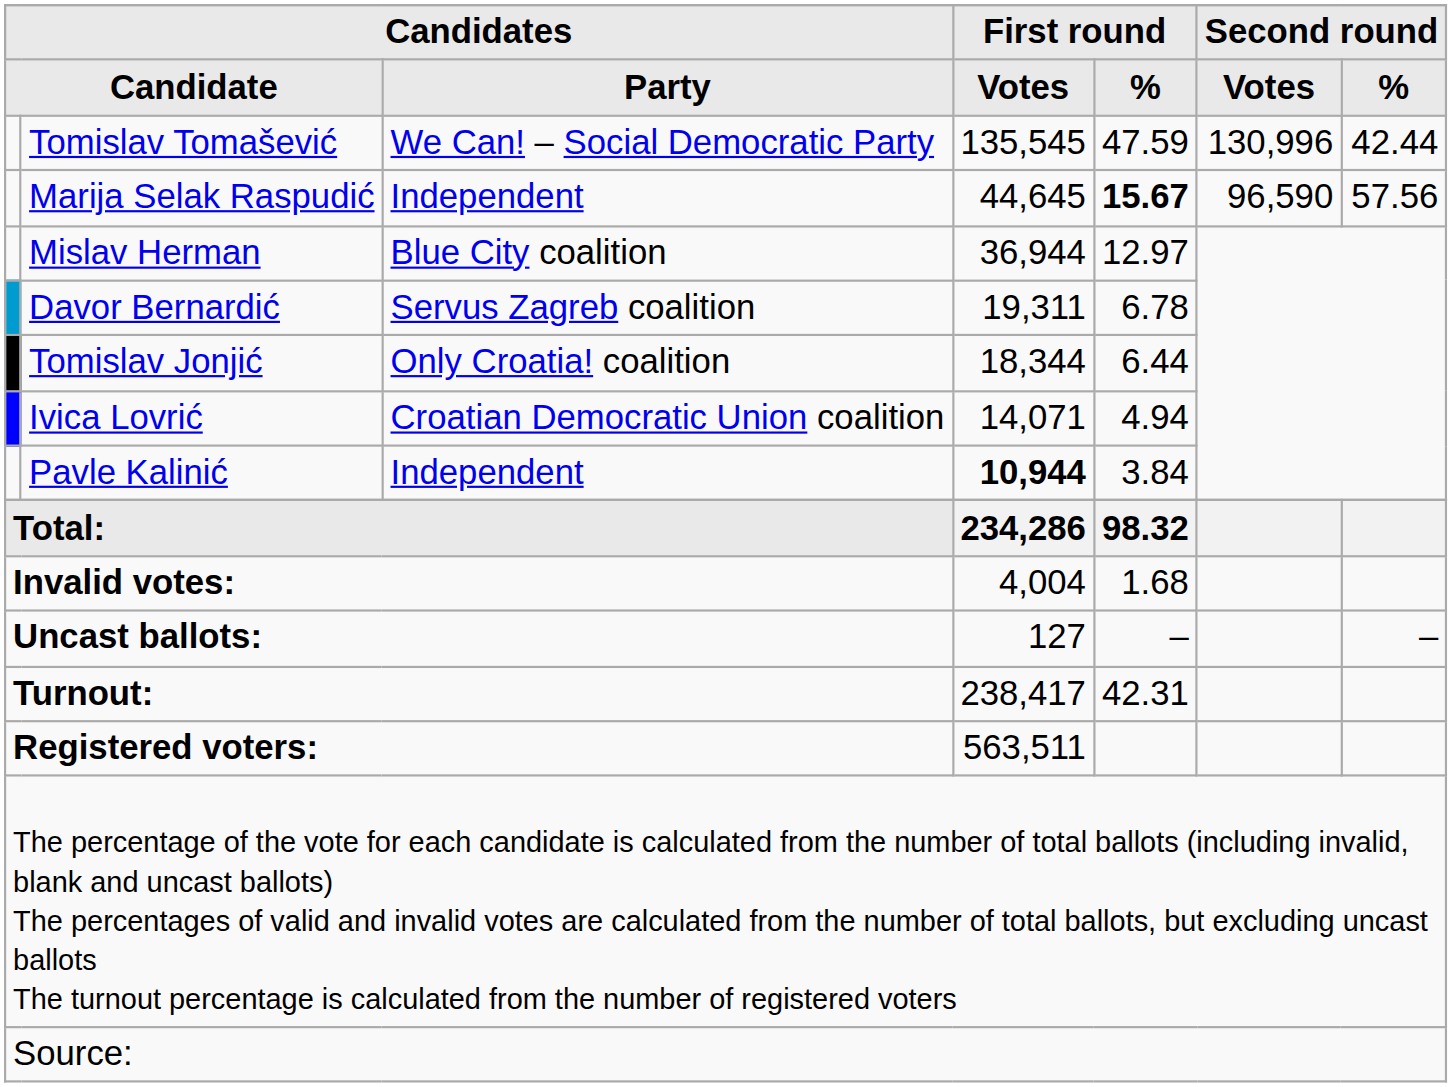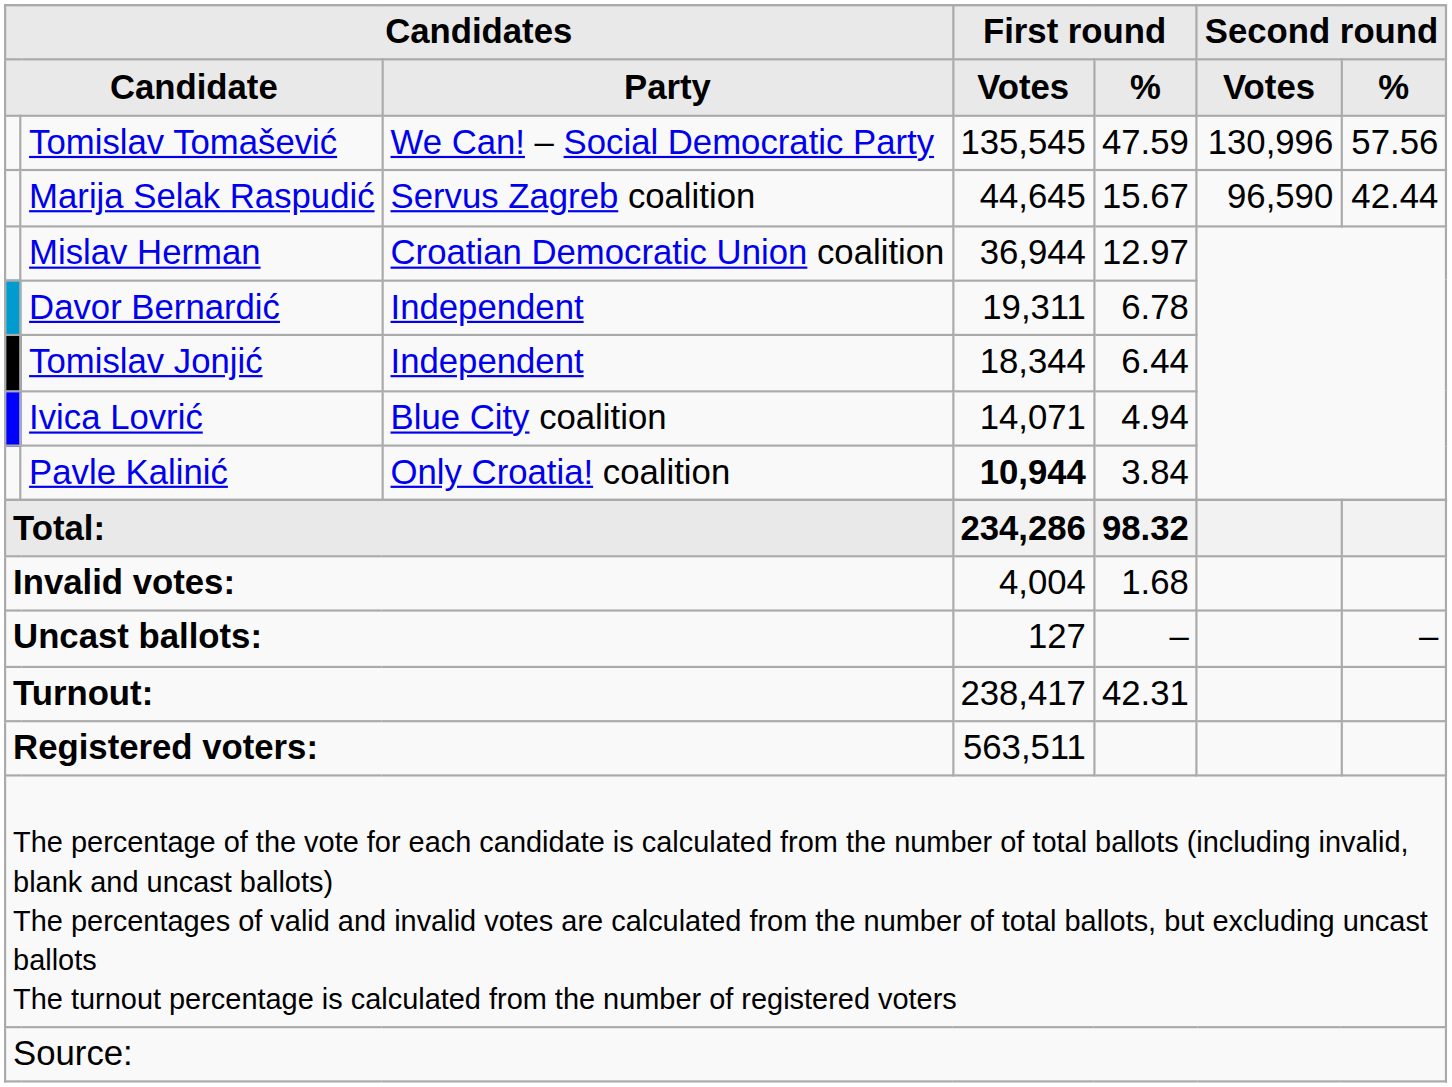 <table class="wikitable" border="1">
 <tr>
 </tr>
 <tr style="background-color:#C9C9C9">
 <th style="background-color:#E9E9E9" align= center colspan="3">Candidates</th>
 <th style="background-color:#E9E9E9" align= center colspan="2">First round</th>
 <th style="background-color:#E9E9E9" align= center colspan="2">Second round</th>
 </tr>
 <tr>
 <th style="background-color:#E9E9E9" align= center colspan="2">Candidate</th>
 <th style="background-color:#E9E9E9" align= center>Party</th>
 <th style="background-color:#E9E9E9" align= center>Votes</th>
 <th style="background-color:#E9E9E9" align= center>%</th>
 <th style="background-color:#E9E9E9" align= center>Votes</th>
 <th style="background-color:#E9E9E9" align= center>%</th>
 </tr>
 <tr>
 <td bgcolor=></td>
 <td align="left"><a href='#'>Tomislav Tomašević</a></td>
 <td align="left"><a href='#'>We Can!</a> – <a href='#'>Social Democratic Party</a></td>
 <td align="right">135,545</td>
 <td align="right">47.59</td>
 <td align="right">130,996</td>
-<td align="right">42.44</td>
+<td align="right">57.56</td>
 </tr>
 <tr>
 <td bgcolor=></td>
 <td align = left><a href='#'>Marija Selak Raspudić</a></td>
-<td align = left><a href='#'>Independent</a></td>
+<td align="left"><a href='#'>Servus Zagreb</a> coalition</td>
 <td align = right>44,645</td>
-<td align = right><strong>15.67</strong></td>
+<td align = right>15.67</td>
 <td align="right">96,590</td>
-<td align="right">57.56</td>
+<td align="right">42.44</td>
 </tr>
 <tr>
 <td></td>
 <td align="left"><a href='#'>Mislav Herman</a></td>
-<td align = left><a href='#'>Blue City</a> coalition</td>
+<td align="left"><a href='#'>Croatian Democratic Union</a> coalition</td>
 <td align="right">36,944</td>
 <td align="right">12.97</td>
 <td align="right" colspan ="2" rowspan="5"></td>
 </tr>
 <tr>
 <td bgcolor=#009bcf></td>
 <td align="left"><a href='#'>Davor Bernardić</a></td>
-<td align="left"><a href='#'>Servus Zagreb</a> coalition</td>
+<td align = left><a href='#'>Independent</a></td>
 <td align="right">19,311</td>
 <td align="right">6.78</td>
 </tr>
 <tr>
 <td bgcolor=black></td>
 <td align="left"><a href='#'>Tomislav Jonjić</a></td>
-<td align="left"><a href='#'>Only Croatia!</a> coalition</td>
+<td align = left><a href='#'>Independent</a></td>
 <td align="right">18,344</td>
 <td align="right">6.44</td>
 </tr>
 <tr>
 <td bgcolor="blue"></td>
 <td align = left><a href='#'>Ivica Lovrić</a></td>
-<td align="left"><a href='#'>Croatian Democratic Union</a> coalition</td>
+<td align = left><a href='#'>Blue City</a> coalition</td>
 <td align = right>14,071</td>
 <td align = right>4.94</td>
 </tr>
 <tr>
 <td bgcolor=></td>
 <td align = left><a href='#'>Pavle Kalinić</a></td>
-<td align = left><a href='#'>Independent</a></td>
+<td align="left"><a href='#'>Only Croatia!</a> coalition</td>
 <td align = right><strong>10,944</strong></td>
 <td align = right>3.84</td>
 </tr>
 <tr>
 </tr>
 <tr style="background-color:#E9E9E9">
 <td align=left colspan=3><strong>Total:</strong></td>
 <th align=right>234,286</th>
 <th align=right>98.32</th>
 <th align=right></th>
 <th align=right></th>
 </tr>
 <tr>
 <td align=left colspan=3><strong>Invalid votes:</strong></td>
 <td align=right>4,004</td>
 <td align=right>1.68</td>
 <td align=right></td>
 <td align=right></td>
 </tr>
 <tr>
 <td align=left colspan=3><strong>Uncast ballots:</strong></td>
 <td align=right>127</td>
 <td align=right>–</td>
 <td align=right></td>
 <td align=right>–</td>
 </tr>
 <tr>
 <td align=left colspan=3><strong>Turnout:</strong></td>
 <td align=right>238,417</td>
 <td align=right>42.31</td>
 <td align=right></td>
 <td align=right></td>
 </tr>
 <tr>
 <td align=left colspan=3><strong>Registered voters:</strong></td>
 <td align=right>563,511</td>
 <td align=right></td>
 <td align=right></td>
 <td align=right></td>
 </tr>
 <tr>
 <td align=left colspan=8><br><small>The percentage of the vote for each candidate is calculated from the number of total ballots (including invalid,<br> blank and uncast ballots)<br> The percentages of valid and invalid votes are calculated from the number of total ballots, but excluding uncast<br>ballots<br> The turnout percentage is calculated from the number of registered voters</small></td>
 </tr>
 <tr>
 <td align=left colspan=8>Source: </td>
 </tr>
 </table>
